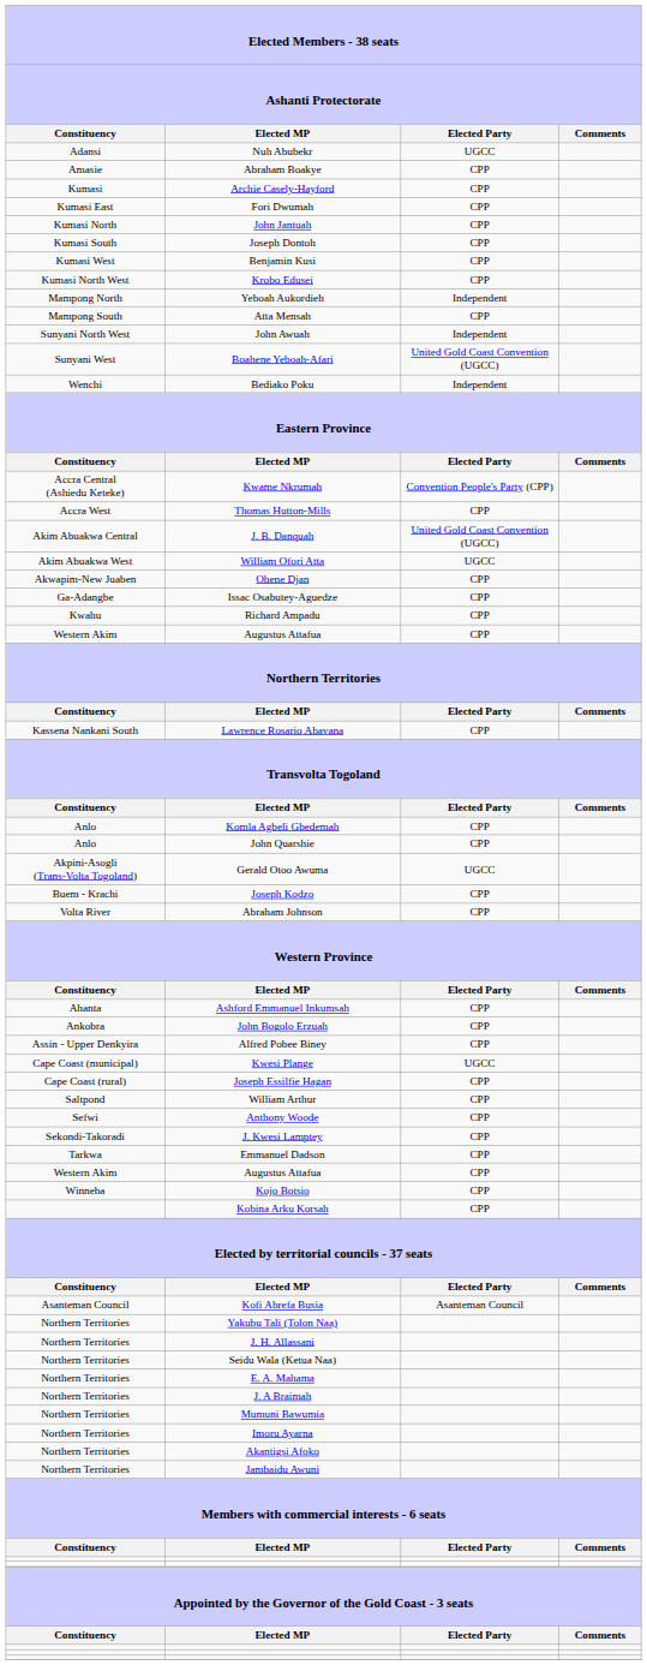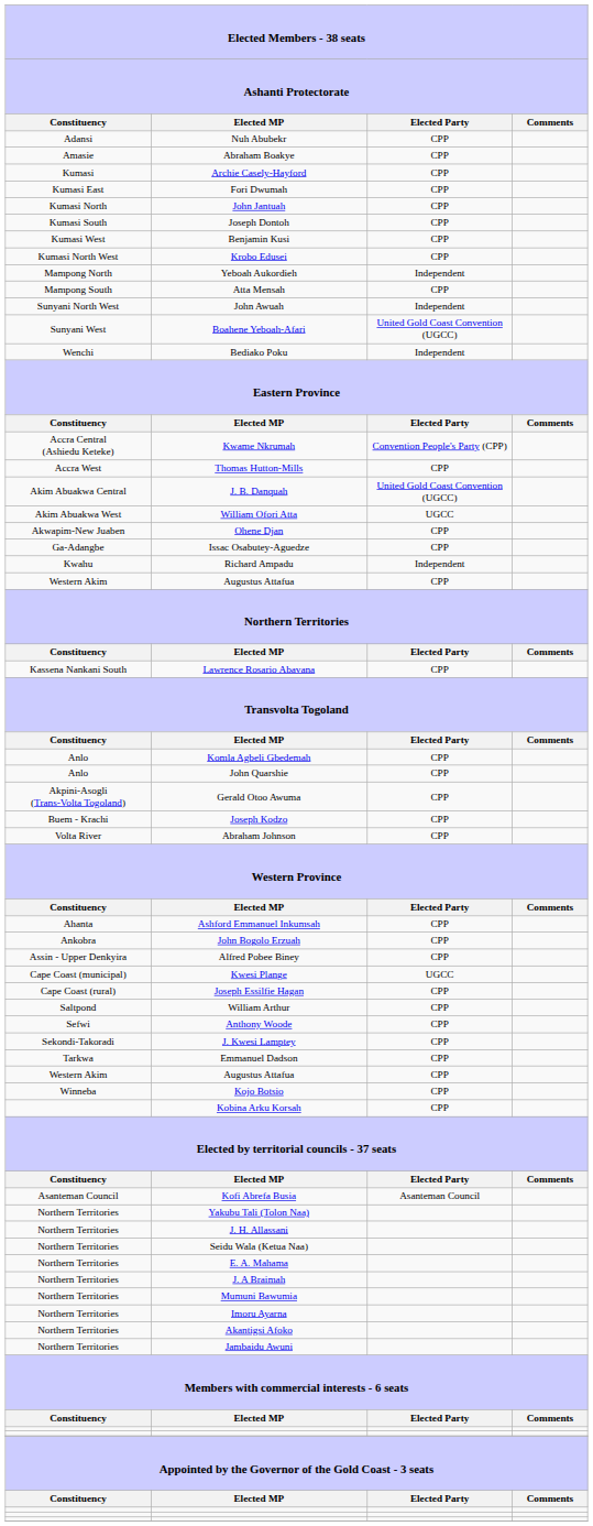 <table class="wikitable" style="margin:1em auto; font-size:90%; text-align:center;">
 <tr>
 <td bgcolor="#ccccff" colspan="4"><br><h3>Elected Members - 38 seats</h3></td>
 </tr>
 <tr>
 <td bgcolor="#ccccff" colspan="6"><br><h3>Ashanti Protectorate</h3></td>
 </tr>
 <tr>
 <th width=200>Constituency</th>
 <th width=300>Elected MP</th>
 <th width=200>Elected Party</th>
 <th width=100>Comments</th>
 </tr>
 <tr>
 <td>Adansi</td>
 <td>Nuh Abubekr</td>
-<td>UGCC</td>
+<td>CPP</td>
 <td></td>
 </tr>
 <tr>
 <td>Amasie</td>
 <td>Abraham Boakye</td>
 <td>CPP</td>
 <td></td>
 </tr>
 <tr>
 <td>Kumasi</td>
 <td><a href='#'>Archie Casely-Hayford</a></td>
 <td>CPP</td>
 <td></td>
 </tr>
 <tr>
 <td>Kumasi East</td>
 <td>Fori Dwumah</td>
 <td>CPP</td>
 <td></td>
 </tr>
 <tr>
 <td>Kumasi North</td>
 <td><a href='#'>John Jantuah</a></td>
 <td>CPP</td>
 <td></td>
 </tr>
 <tr>
 <td>Kumasi South</td>
 <td>Joseph Dontoh</td>
 <td>CPP</td>
 <td></td>
 </tr>
 <tr>
 <td>Kumasi West</td>
 <td>Benjamin Kusi</td>
 <td>CPP</td>
 <td></td>
 </tr>
 <tr>
 <td>Kumasi North West</td>
 <td><a href='#'>Krobo Edusei</a></td>
 <td>CPP</td>
 <td></td>
 </tr>
 <tr>
 <td>Mampong North</td>
 <td>Yeboah Aukordieh</td>
 <td>Independent</td>
 <td></td>
 </tr>
 <tr>
 <td>Mampong South</td>
 <td>Atta Mensah</td>
 <td>CPP</td>
 <td></td>
 </tr>
 <tr>
 <td>Sunyani North West</td>
 <td>John Awuah</td>
 <td>Independent</td>
 </tr>
 <tr>
 <td>Sunyani West</td>
 <td><a href='#'>Boahene Yeboah-Afari</a></td>
 <td><a href='#'>United Gold Coast Convention</a> (UGCC)</td>
 <td></td>
 </tr>
 <tr>
 <td>Wenchi</td>
 <td>Bediako Poku</td>
 <td>Independent</td>
 <td></td>
 </tr>
 <tr>
 <td bgcolor="#ccccff" colspan="6"><br><h3>Eastern Province</h3></td>
 </tr>
 <tr>
 <th width=200>Constituency</th>
 <th width=300>Elected MP</th>
 <th width=200>Elected Party</th>
 <th width=100>Comments</th>
 </tr>
 <tr>
 <td>Accra Central<br>(Ashiedu Keteke)</td>
 <td><a href='#'>Kwame Nkrumah</a></td>
 <td><a href='#'>Convention People's Party</a> (CPP)</td>
 <td></td>
 </tr>
 <tr>
 <td>Accra West</td>
 <td><a href='#'>Thomas Hutton-Mills</a></td>
 <td>CPP</td>
 <td></td>
 </tr>
 <tr>
 <td>Akim Abuakwa Central</td>
 <td><a href='#'>J. B. Danquah</a></td>
 <td><a href='#'>United Gold Coast Convention</a> (UGCC)</td>
 <td></td>
 </tr>
 <tr>
 <td>Akim Abuakwa West</td>
 <td><a href='#'>William Ofori Atta</a></td>
 <td>UGCC</td>
 <td></td>
 </tr>
 <tr>
 <td>Akwapim-New Juaben</td>
 <td><a href='#'>Ohene Djan</a></td>
 <td>CPP</td>
 <td></td>
 </tr>
 <tr>
 <td>Ga-Adangbe</td>
 <td>Issac Osabutey-Aguedze</td>
 <td>CPP</td>
 <td></td>
 </tr>
 <tr>
 <td>Kwahu</td>
 <td>Richard Ampadu</td>
-<td>CPP</td>
+<td>Independent</td>
 <td></td>
 </tr>
 <tr>
 <td>Western Akim</td>
 <td>Augustus Attafua</td>
 <td>CPP</td>
 <td></td>
 </tr>
 <tr>
 <td bgcolor="#ccccff" colspan="6"><br><h3>Northern Territories</h3></td>
 </tr>
 <tr>
 <th width=200>Constituency</th>
 <th width=300>Elected MP</th>
 <th width=200>Elected Party</th>
 <th width=100>Comments</th>
 </tr>
 <tr>
 <td>Kassena Nankani South</td>
 <td><a href='#'>Lawrence Rosario Abavana</a></td>
 <td>CPP</td>
 <td></td>
 </tr>
 <tr>
 <td bgcolor="#ccccff" colspan="6"><br><h3>Transvolta Togoland</h3></td>
 </tr>
 <tr>
 <th width=200>Constituency</th>
 <th width=300>Elected MP</th>
 <th width=200>Elected Party</th>
 <th width=100>Comments</th>
 </tr>
 <tr>
 <td>Anlo</td>
 <td><a href='#'>Komla Agbeli Gbedemah</a></td>
 <td>CPP</td>
 <td></td>
 </tr>
 <tr>
 <td>Anlo</td>
 <td>John Quarshie</td>
 <td>CPP</td>
 <td></td>
 </tr>
 <tr>
 <td>Akpini-Asogli<br>(<a href='#'>Trans-Volta Togoland</a>)</td>
 <td>Gerald Otoo Awuma</td>
-<td>UGCC</td>
+<td>CPP</td>
 <td></td>
 </tr>
 <tr>
 <td>Buem - Krachi</td>
 <td><a href='#'>Joseph Kodzo</a></td>
 <td>CPP</td>
 <td></td>
 </tr>
 <tr>
 <td>Volta River</td>
 <td>Abraham Johnson</td>
 <td>CPP</td>
 <td></td>
 </tr>
 <tr>
 <td bgcolor="#ccccff" colspan="6"><br><h3>Western Province</h3></td>
 </tr>
 <tr>
 <th width=200>Constituency</th>
 <th width=300>Elected MP</th>
 <th width=200>Elected Party</th>
 <th width=100>Comments</th>
 </tr>
 <tr>
 <td>Ahanta</td>
 <td><a href='#'>Ashford Emmanuel Inkumsah</a></td>
 <td>CPP</td>
 <td></td>
 </tr>
 <tr>
 <td>Ankobra</td>
 <td><a href='#'>John Bogolo Erzuah</a></td>
 <td>CPP</td>
 <td></td>
 </tr>
 <tr>
 <td>Assin - Upper Denkyira</td>
 <td>Alfred Pobee Biney</td>
 <td>CPP</td>
 <td></td>
 </tr>
 <tr>
 <td>Cape Coast (municipal)</td>
 <td><a href='#'>Kwesi Plange</a></td>
 <td>UGCC</td>
 <td></td>
 </tr>
 <tr>
 <td>Cape Coast (rural)</td>
 <td><a href='#'>Joseph Essilfie Hagan</a></td>
 <td>CPP</td>
 <td></td>
 </tr>
 <tr>
 <td>Saltpond</td>
 <td>William Arthur</td>
 <td>CPP</td>
 <td></td>
 </tr>
 <tr>
 <td>Sefwi</td>
 <td><a href='#'>Anthony Woode</a></td>
 <td>CPP</td>
 <td></td>
 </tr>
 <tr>
 <td>Sekondi-Takoradi</td>
 <td><a href='#'>J. Kwesi Lamptey </a></td>
 <td>CPP</td>
 <td></td>
 </tr>
 <tr>
 <td>Tarkwa</td>
 <td>Emmanuel Dadson</td>
 <td>CPP</td>
 <td></td>
 </tr>
 <tr>
 <td>Western Akim</td>
 <td>Augustus Attafua</td>
 <td>CPP</td>
 <td></td>
 </tr>
 <tr>
 <td>Winneba</td>
 <td><a href='#'>Kojo Botsio</a></td>
 <td>CPP</td>
 <td></td>
 </tr>
 <tr>
 <td></td>
 <td><a href='#'>Kobina Arku Korsah</a></td>
 <td>CPP</td>
 <td></td>
 </tr>
 <tr>
 <td bgcolor="#ccccff" colspan="4"><br><h3>Elected by territorial councils - 37 seats</h3></td>
 </tr>
 <tr>
 <th>Constituency</th>
 <th>Elected MP</th>
 <th>Elected Party</th>
 <th>Comments</th>
 </tr>
 <tr>
 <td>Asanteman Council</td>
 <td><a href='#'>Kofi Abrefa Busia</a></td>
 <td>Asanteman Council</td>
 <td></td>
 </tr>
 <tr>
 <td>Northern Territories</td>
 <td><a href='#'>Yakubu Tali (Tolon Naa)</a></td>
 <td></td>
 <td></td>
 </tr>
 <tr>
 <td>Northern Territories</td>
 <td><a href='#'>J. H. Allassani</a></td>
 <td></td>
 <td></td>
 </tr>
 <tr>
 <td>Northern Territories</td>
 <td>Seidu Wala (Ketua Naa)</td>
 <td></td>
 <td></td>
 </tr>
 <tr>
 <td>Northern Territories</td>
 <td><a href='#'>E. A. Mahama</a></td>
 <td></td>
 <td></td>
 </tr>
 <tr>
 <td>Northern Territories</td>
 <td><a href='#'>J. A Braimah</a></td>
 <td></td>
 <td></td>
 </tr>
 <tr>
 <td>Northern Territories</td>
 <td><a href='#'>Mumuni Bawumia</a></td>
 <td></td>
 <td></td>
 </tr>
 <tr>
 <td>Northern Territories</td>
 <td><a href='#'>Imoru Ayarna</a></td>
 <td></td>
 <td></td>
 </tr>
 <tr>
 <td>Northern Territories</td>
 <td><a href='#'>Akantigsi Afoko</a></td>
 <td></td>
 <td></td>
 </tr>
 <tr>
 <td>Northern Territories</td>
 <td><a href='#'>Jambaidu Awuni</a></td>
 <td></td>
 <td></td>
 </tr>
 <tr>
 <td bgcolor="#ccccff" colspan="4"><br><h3>Members with commercial interests - 6 seats</h3></td>
 </tr>
 <tr>
 <th>Constituency</th>
 <th>Elected MP</th>
 <th>Elected Party</th>
 <th>Comments</th>
 </tr>
 <tr>
 <td></td>
 <td></td>
 <td></td>
 <td></td>
 </tr>
 <tr>
 <td></td>
 <td></td>
 <td></td>
 <td></td>
 </tr>
 <tr>
 </tr>
 <tr>
 <td bgcolor="#ccccff" colspan="4"><br><h3>Appointed by the Governor of the Gold Coast - 3 seats</h3></td>
 </tr>
 <tr>
 <th>Constituency</th>
 <th>Elected MP</th>
 <th>Elected Party</th>
 <th>Comments</th>
 </tr>
 <tr>
 <td></td>
 <td></td>
 <td></td>
 <td></td>
 </tr>
 <tr>
 <td></td>
 <td></td>
 <td></td>
 <td></td>
 </tr>
 <tr>
 <td></td>
 <td></td>
 <td></td>
 <td></td>
 </tr>
 <tr>
 </tr>
 </table>
